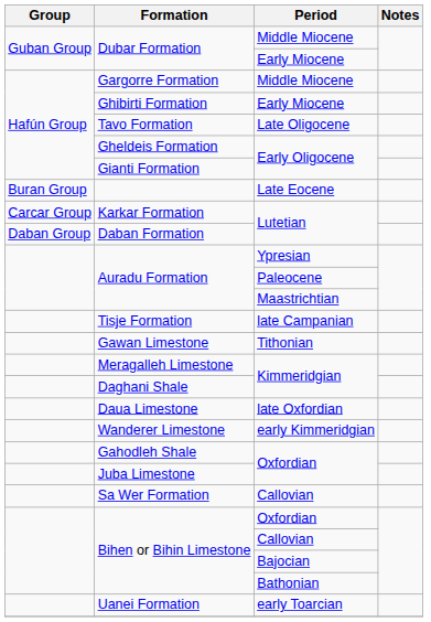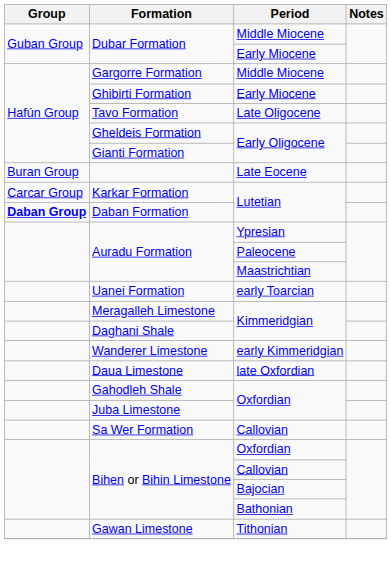 <table class="wikitable sortable">
 <tr>
 <th>Group</th>
 <th>Formation</th>
 <th>Period</th>
 <th>Notes</th>
 </tr>
 <tr>
 <td rowspan=2><a href='#'>Guban Group</a></td>
 <td rowspan=2><a href='#'>Dubar Formation</a></td>
 <td style="background-color: "><a href='#'>Middle Miocene</a></td>
 <td align=center rowspan=2></td>
 </tr>
 <tr>
 <td style="background-color: "><a href='#'>Early Miocene</a></td>
 </tr>
 <tr>
 <td rowspan=5><a href='#'>Hafún Group</a></td>
 <td><a href='#'>Gargorre Formation</a></td>
 <td style="background-color: "><a href='#'>Middle Miocene</a></td>
 <td align=center></td>
 </tr>
 <tr>
 <td><a href='#'>Ghibirti Formation</a></td>
 <td style="background-color: "><a href='#'>Early Miocene</a></td>
 <td align=center></td>
 </tr>
 <tr>
 <td><a href='#'>Tavo Formation</a></td>
 <td style="background-color: "><a href='#'>Late Oligocene</a></td>
 <td align=center></td>
 </tr>
 <tr>
 <td><a href='#'>Gheldeis Formation</a></td>
 <td rowspan=2 style="background-color: "><a href='#'>Early Oligocene</a></td>
 <td align=center></td>
 </tr>
 <tr>
 <td><a href='#'>Gianti Formation</a></td>
 <td align=center></td>
 </tr>
 <tr>
 <td><a href='#'>Buran Group</a></td>
 <td></td>
 <td rowspan=2 style="background-color: "><a href='#'>Late Eocene</a></td>
 <td align=center></td>
 </tr>
 <tr>
 <td rowspan=2><a href='#'>Carcar Group</a></td>
 <td rowspan=2><a href='#'>Karkar Formation</a></td>
 <td align=center rowspan=2></td>
 </tr>
 <tr>
 <td rowspan=2 style="background-color: "><a href='#'>Lutetian</a></td>
 </tr>
 <tr>
-<td><a href='#'>Daban Group</a></td>
+<td><strong><a href='#'>Daban Group</a></strong></td>
 <td><a href='#'>Daban Formation</a></td>
 <td align=center></td>
 </tr>
 <tr>
 <td rowspan=3></td>
 <td rowspan=3><a href='#'>Auradu Formation</a></td>
 <td style="background-color: "><a href='#'>Ypresian</a></td>
 <td align=center rowspan=3></td>
 </tr>
 <tr>
 <td style="background-color: "><a href='#'>Paleocene</a></td>
 </tr>
 <tr>
 <td style="background-color: "><a href='#'>Maastrichtian</a></td>
 </tr>
 <tr>
 <td></td>
-<td><a href='#'>Tisje Formation</a></td>
-<td style="background-color: "><a href='#'>late Campanian</a></td>
-<td align=center></td>
-</tr>
-<tr>
-<td></td>
-<td><a href='#'>Gawan Limestone</a></td>
-<td style="background-color: "><a href='#'>Tithonian</a></td>
+<td><a href='#'>Uanei Formation</a></td>
+<td style="background-color: "><a href='#'>early Toarcian</a></td>
 <td align=center></td>
 </tr>
 <tr>
 <td></td>
 <td><a href='#'>Meragalleh Limestone</a></td>
 <td rowspan=2 style="background-color: "><a href='#'>Kimmeridgian</a></td>
 <td align=center></td>
 </tr>
 <tr>
 <td></td>
 <td><a href='#'>Daghani Shale</a></td>
 <td align=center></td>
 </tr>
 <tr>
 <td></td>
-<td><a href='#'>Daua Limestone</a></td>
-<td style="background-color: "><a href='#'>late Oxfordian</a></td>
+<td><a href='#'>Wanderer Limestone</a></td>
+<td style="background-color: "><a href='#'>early Kimmeridgian</a></td>
 <td align=center></td>
 </tr>
 <tr>
 <td></td>
-<td><a href='#'>Wanderer Limestone</a></td>
-<td style="background-color: "><a href='#'>early Kimmeridgian</a></td>
+<td><a href='#'>Daua Limestone</a></td>
+<td style="background-color: "><a href='#'>late Oxfordian</a></td>
 <td align=center></td>
 </tr>
 <tr>
 <td></td>
 <td><a href='#'>Gahodleh Shale</a></td>
 <td rowspan=3 style="background-color: "><a href='#'>Oxfordian</a></td>
 <td align=center></td>
 </tr>
 <tr>
 <td></td>
 <td><a href='#'>Juba Limestone</a></td>
 <td align=center></td>
 </tr>
 <tr>
 <td rowspan=2></td>
 <td rowspan=2><a href='#'>Sa Wer Formation</a></td>
 <td align=center rowspan=2></td>
 </tr>
 <tr>
 <td style="background-color: "><a href='#'>Callovian</a></td>
 </tr>
 <tr>
 <td rowspan=4></td>
 <td rowspan=4><a href='#'>Bihen</a> or <a href='#'>Bihin Limestone</a></td>
 <td style="background-color: "><a href='#'>Oxfordian</a></td>
 <td align=center rowspan=4></td>
 </tr>
 <tr>
 <td style="background-color: "><a href='#'>Callovian</a></td>
 </tr>
 <tr>
 <td style="background-color: "><a href='#'>Bajocian</a></td>
 </tr>
 <tr>
 <td style="background-color: "><a href='#'>Bathonian</a></td>
 </tr>
 <tr>
 <td></td>
-<td><a href='#'>Uanei Formation</a></td>
-<td style="background-color: "><a href='#'>early Toarcian</a></td>
+<td><a href='#'>Gawan Limestone</a></td>
+<td style="background-color: "><a href='#'>Tithonian</a></td>
 <td align=center></td>
 </tr>
 <tr>
 </tr>
 </table>
